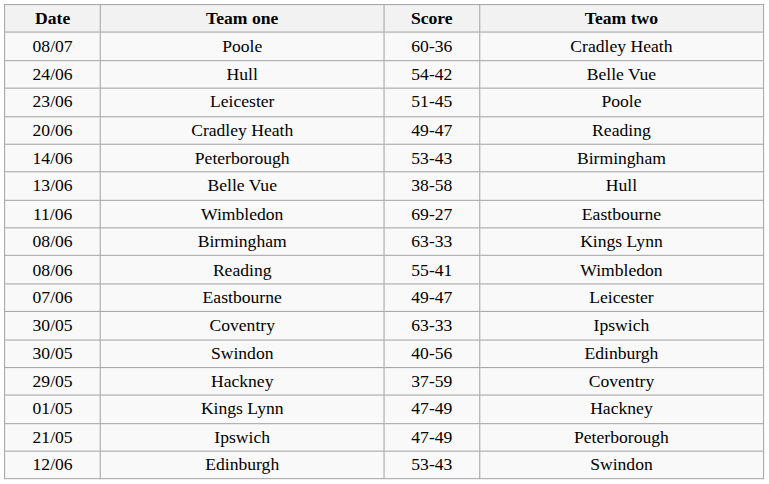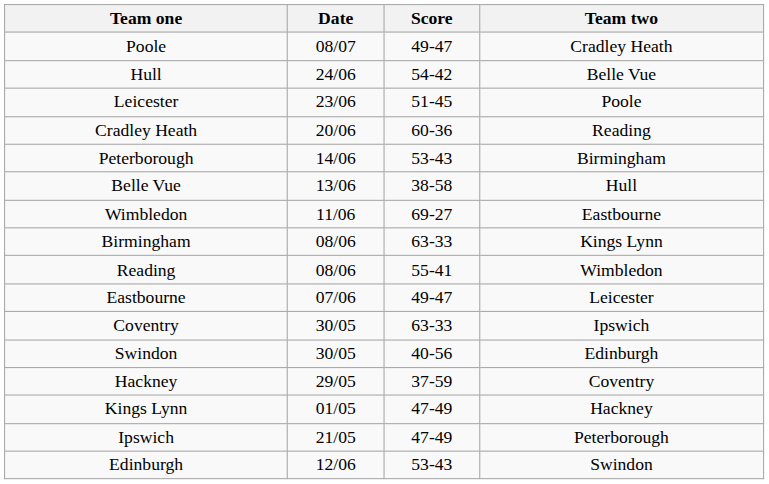 <table class="wikitable" style="text-align: center">
 <tr>
+<th width=250>Team one</th>
 <th width=80>Date</th>
-<th width=250>Team one</th>
 <th width=80>Score</th>
 <th width=250>Team two</th>
 </tr>
 <tr>
+<td>Poole</td>
 <td>08/07</td>
-<td>Poole</td>
-<td>60-36</td>
+<td>49-47</td>
 <td>Cradley Heath</td>
 </tr>
 <tr>
+<td>Hull</td>
 <td>24/06</td>
-<td>Hull</td>
 <td>54-42</td>
 <td>Belle Vue</td>
 </tr>
 <tr>
+<td>Leicester</td>
 <td>23/06</td>
-<td>Leicester</td>
 <td>51-45</td>
 <td>Poole</td>
 </tr>
 <tr>
+<td>Cradley Heath</td>
 <td>20/06</td>
-<td>Cradley Heath</td>
-<td>49-47</td>
+<td>60-36</td>
 <td>Reading</td>
 </tr>
 <tr>
+<td>Peterborough</td>
 <td>14/06</td>
-<td>Peterborough</td>
 <td>53-43</td>
 <td>Birmingham</td>
 </tr>
 <tr>
+<td>Belle Vue</td>
 <td>13/06</td>
-<td>Belle Vue</td>
 <td>38-58</td>
 <td>Hull</td>
 </tr>
 <tr>
+<td>Wimbledon</td>
 <td>11/06</td>
-<td>Wimbledon</td>
 <td>69-27</td>
 <td>Eastbourne</td>
 </tr>
 <tr>
+<td>Birmingham</td>
 <td>08/06</td>
-<td>Birmingham</td>
 <td>63-33</td>
 <td>Kings Lynn</td>
 </tr>
 <tr>
+<td>Reading</td>
 <td>08/06</td>
-<td>Reading</td>
 <td>55-41</td>
 <td>Wimbledon</td>
 </tr>
 <tr>
+<td>Eastbourne</td>
 <td>07/06</td>
-<td>Eastbourne</td>
 <td>49-47</td>
 <td>Leicester</td>
 </tr>
 <tr>
+<td>Coventry</td>
 <td>30/05</td>
-<td>Coventry</td>
 <td>63-33</td>
 <td>Ipswich</td>
 </tr>
 <tr>
+<td>Swindon</td>
 <td>30/05</td>
-<td>Swindon</td>
 <td>40-56</td>
 <td>Edinburgh</td>
 </tr>
 <tr>
+<td>Hackney</td>
 <td>29/05</td>
-<td>Hackney</td>
 <td>37-59</td>
 <td>Coventry</td>
 </tr>
 <tr>
+<td>Kings Lynn</td>
 <td>01/05</td>
-<td>Kings Lynn</td>
 <td>47-49</td>
 <td>Hackney</td>
 </tr>
 <tr>
+<td>Ipswich</td>
 <td>21/05</td>
-<td>Ipswich</td>
 <td>47-49</td>
 <td>Peterborough</td>
 </tr>
 <tr>
+<td>Edinburgh</td>
 <td>12/06</td>
-<td>Edinburgh</td>
 <td>53-43</td>
 <td>Swindon</td>
 </tr>
 </table>
